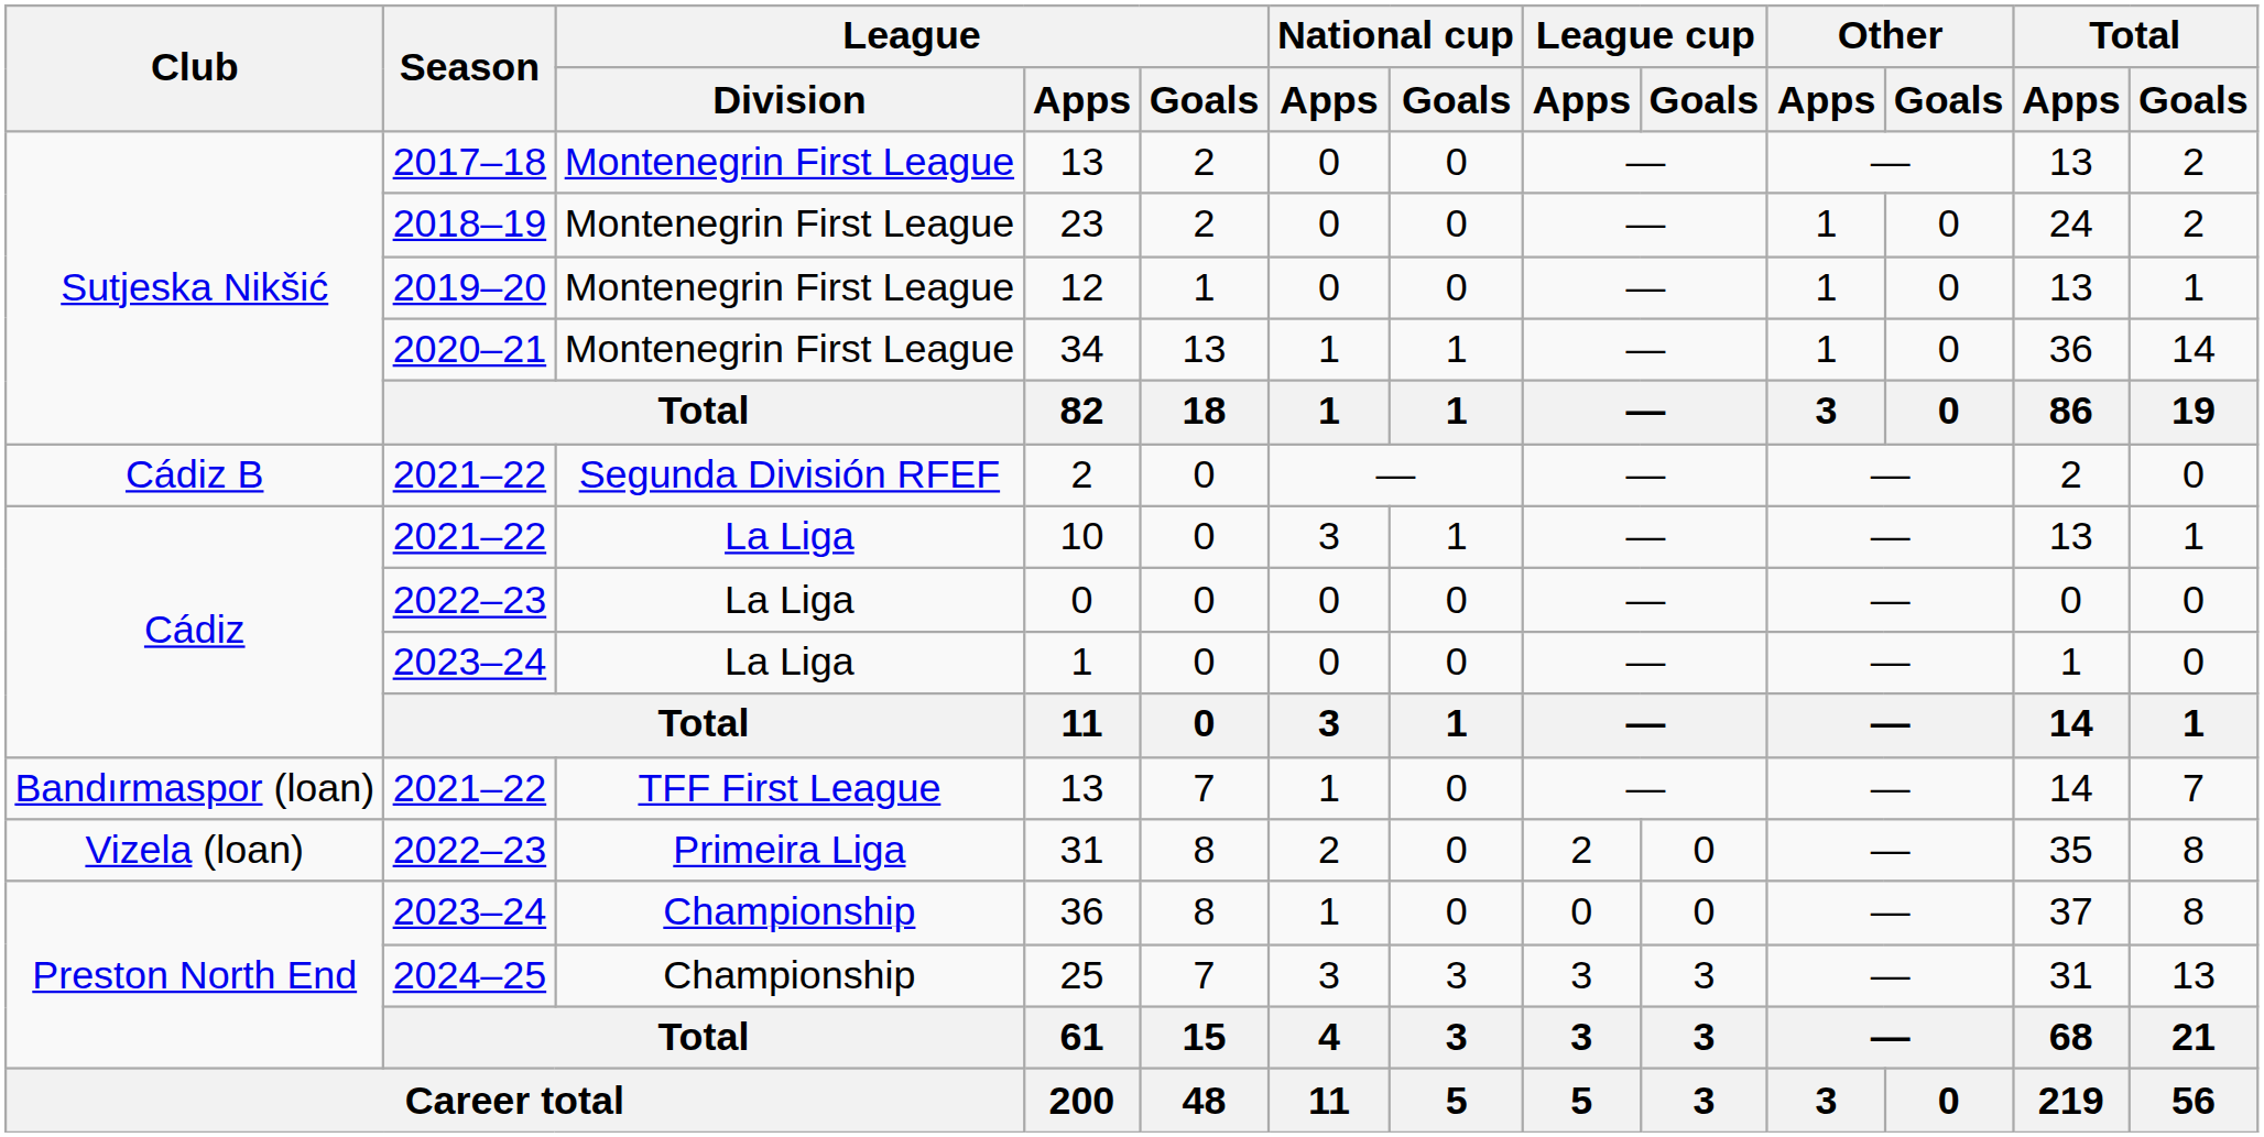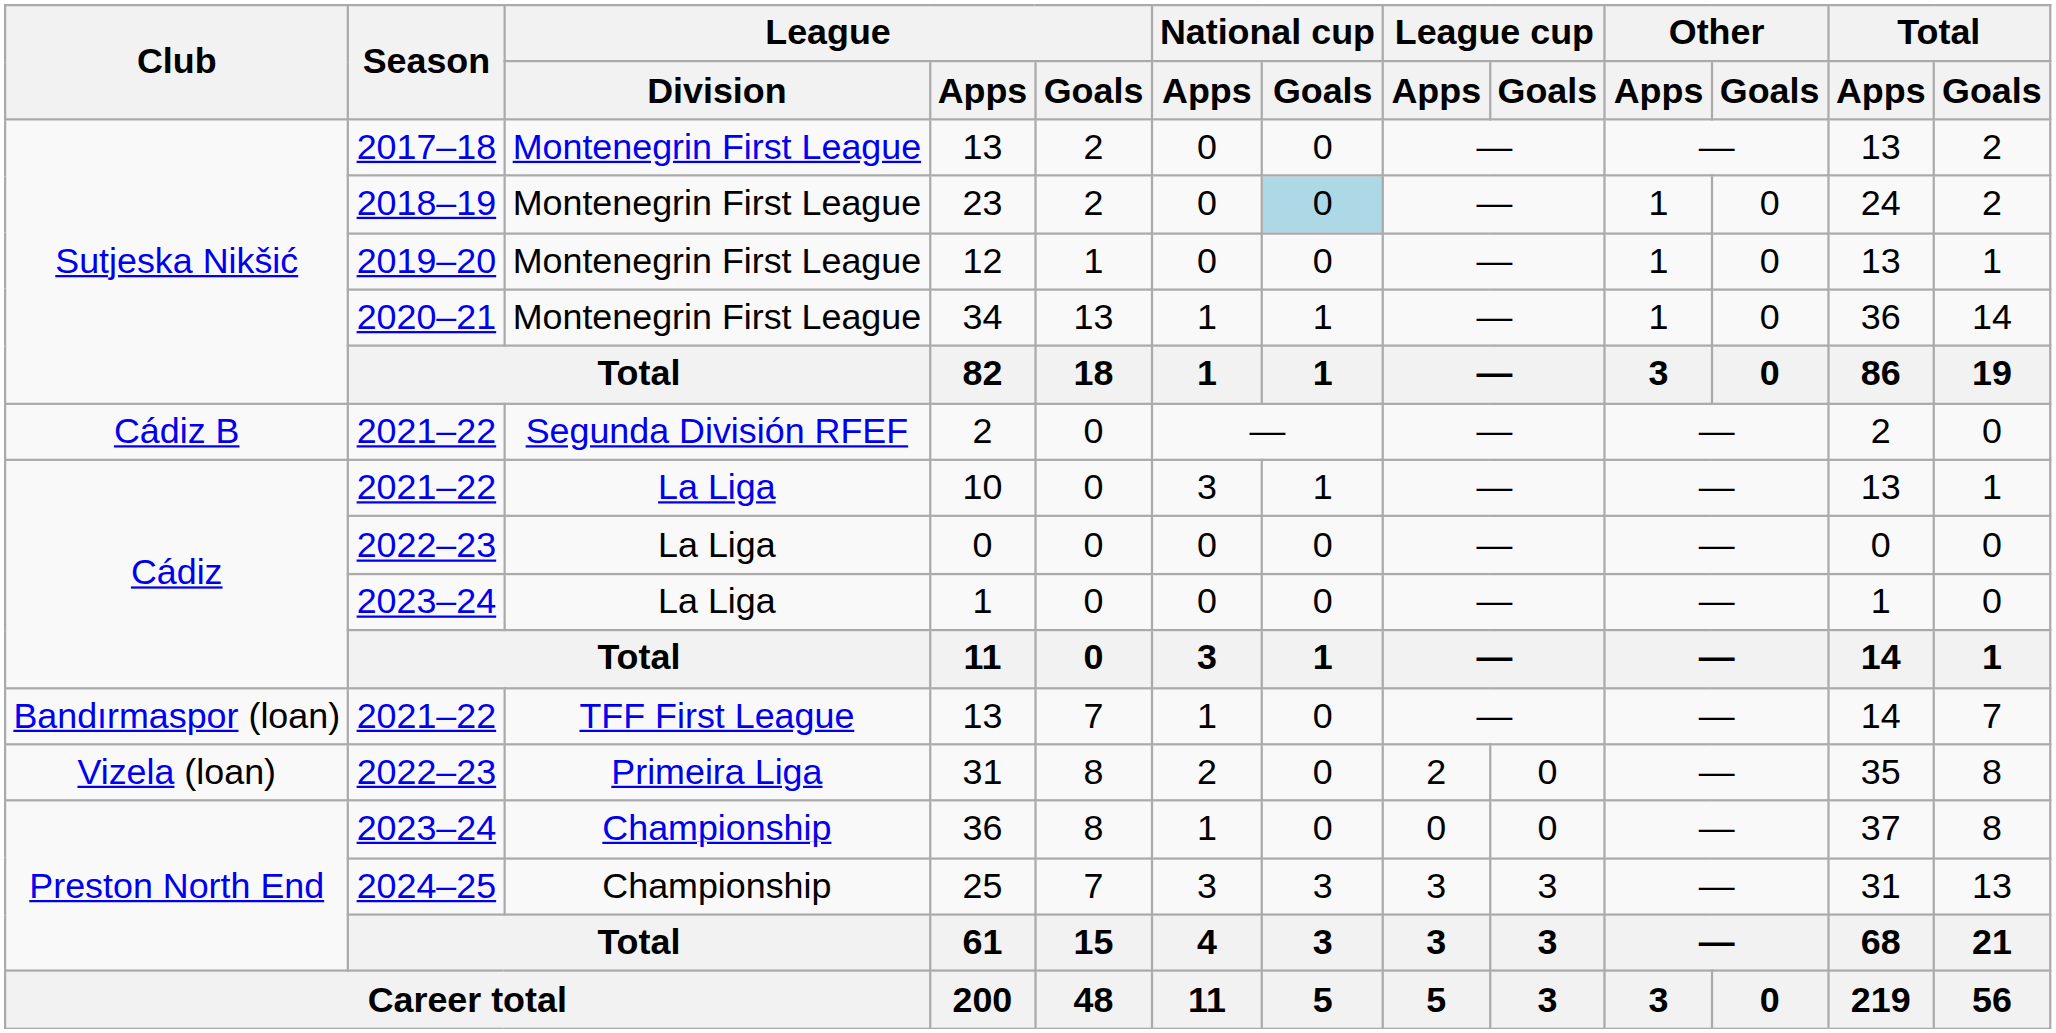 <table class="wikitable" style="text-align:center">
 <tr>
 <th rowspan="2">Club</th>
 <th rowspan="2">Season</th>
 <th colspan="3">League</th>
 <th colspan="2">National cup</th>
 <th colspan="2">League cup</th>
 <th colspan="2">Other</th>
 <th colspan="2">Total</th>
 </tr>
 <tr>
 <th>Division</th>
 <th>Apps</th>
 <th>Goals</th>
 <th>Apps</th>
 <th>Goals</th>
 <th>Apps</th>
 <th>Goals</th>
 <th>Apps</th>
 <th>Goals</th>
 <th>Apps</th>
 <th>Goals</th>
 </tr>
 <tr>
 <td rowspan="5"><a href='#'>Sutjeska Nikšić</a></td>
 <td><a href='#'>2017–18</a></td>
 <td><a href='#'>Montenegrin First League</a></td>
 <td>13</td>
 <td>2</td>
 <td>0</td>
 <td>0</td>
 <td colspan="2">—</td>
 <td colspan="2">—</td>
 <td>13</td>
 <td>2</td>
 </tr>
 <tr>
 <td><a href='#'>2018–19</a></td>
 <td>Montenegrin First League</td>
 <td>23</td>
 <td>2</td>
 <td>0</td>
-<td>0</td>
+<td style="background: lightblue;">0</td>
 <td colspan="2">—</td>
 <td>1</td>
 <td>0</td>
 <td>24</td>
 <td>2</td>
 </tr>
 <tr>
 <td><a href='#'>2019–20</a></td>
 <td>Montenegrin First League</td>
 <td>12</td>
 <td>1</td>
 <td>0</td>
 <td>0</td>
 <td colspan="2">—</td>
 <td>1</td>
 <td>0</td>
 <td>13</td>
 <td>1</td>
 </tr>
 <tr>
 <td><a href='#'>2020–21</a></td>
 <td>Montenegrin First League</td>
 <td>34</td>
 <td>13</td>
 <td>1</td>
 <td>1</td>
 <td colspan="2">—</td>
 <td>1</td>
 <td>0</td>
 <td>36</td>
 <td>14</td>
 </tr>
 <tr>
 <th colspan="2">Total</th>
 <th>82</th>
 <th>18</th>
 <th>1</th>
 <th>1</th>
 <th colspan="2">—</th>
 <th>3</th>
 <th>0</th>
 <th>86</th>
 <th>19</th>
 </tr>
 <tr>
 <td><a href='#'>Cádiz B</a></td>
 <td><a href='#'>2021–22</a></td>
 <td><a href='#'>Segunda División RFEF</a></td>
 <td>2</td>
 <td>0</td>
 <td colspan="2">—</td>
 <td colspan="2">—</td>
 <td colspan="2">—</td>
 <td>2</td>
 <td>0</td>
 </tr>
 <tr>
 <td rowspan="4"><a href='#'>Cádiz</a></td>
 <td><a href='#'>2021–22</a></td>
 <td><a href='#'>La Liga</a></td>
 <td>10</td>
 <td>0</td>
 <td>3</td>
 <td>1</td>
 <td colspan="2">—</td>
 <td colspan="2">—</td>
 <td>13</td>
 <td>1</td>
 </tr>
 <tr>
 <td><a href='#'>2022–23</a></td>
 <td>La Liga</td>
 <td>0</td>
 <td>0</td>
 <td>0</td>
 <td>0</td>
 <td colspan="2">—</td>
 <td colspan="2">—</td>
 <td>0</td>
 <td>0</td>
 </tr>
 <tr>
 <td><a href='#'>2023–24</a></td>
 <td>La Liga</td>
 <td>1</td>
 <td>0</td>
 <td>0</td>
 <td>0</td>
 <td colspan="2">—</td>
 <td colspan="2">—</td>
 <td>1</td>
 <td>0</td>
 </tr>
 <tr>
 <th colspan="2">Total</th>
 <th>11</th>
 <th>0</th>
 <th>3</th>
 <th>1</th>
 <th colspan="2">—</th>
 <th colspan="2">—</th>
 <th>14</th>
 <th>1</th>
 </tr>
 <tr>
 <td><a href='#'>Bandırmaspor</a> (loan)</td>
 <td><a href='#'>2021–22</a></td>
 <td><a href='#'>TFF First League</a></td>
 <td>13</td>
 <td>7</td>
 <td>1</td>
 <td>0</td>
 <td colspan="2">—</td>
 <td colspan="2">—</td>
 <td>14</td>
 <td>7</td>
 </tr>
 <tr>
 <td><a href='#'>Vizela</a> (loan)</td>
 <td><a href='#'>2022–23</a></td>
 <td><a href='#'>Primeira Liga</a></td>
 <td>31</td>
 <td>8</td>
 <td>2</td>
 <td>0</td>
 <td>2</td>
 <td>0</td>
 <td colspan="2">—</td>
 <td>35</td>
 <td>8</td>
 </tr>
 <tr>
 <td rowspan="3"><a href='#'>Preston North End</a></td>
 <td><a href='#'>2023–24</a></td>
 <td><a href='#'>Championship</a></td>
 <td>36</td>
 <td>8</td>
 <td>1</td>
 <td>0</td>
 <td>0</td>
 <td>0</td>
 <td colspan="2">—</td>
 <td>37</td>
 <td>8</td>
 </tr>
 <tr>
 <td><a href='#'>2024–25</a></td>
 <td>Championship</td>
 <td>25</td>
 <td>7</td>
 <td>3</td>
 <td>3</td>
 <td>3</td>
 <td>3</td>
 <td colspan="2">—</td>
 <td>31</td>
 <td>13</td>
 </tr>
 <tr>
 <th colspan="2">Total</th>
 <th>61</th>
 <th>15</th>
 <th>4</th>
 <th>3</th>
 <th>3</th>
 <th>3</th>
 <th colspan="2">—</th>
 <th>68</th>
 <th>21</th>
 </tr>
 <tr>
 <th colspan="3">Career total</th>
 <th>200</th>
 <th>48</th>
 <th>11</th>
 <th>5</th>
 <th>5</th>
 <th>3</th>
 <th>3</th>
 <th>0</th>
 <th>219</th>
 <th>56</th>
 </tr>
 </table>
